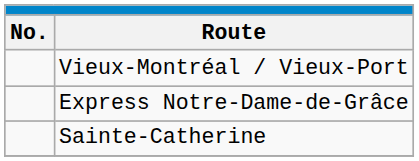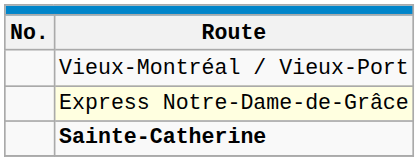 <table align=center class="wikitable">
 <tr>
 <th style="background: #0085CA; font-size:100%; color:#FFFFFF;"colspan="4"><a href='#'></a></th>
 </tr>
 <tr>
 <th>No.</th>
 <th>Route</th>
 </tr>
 <tr>
 <td></td>
 <td>Vieux-Montréal / Vieux-Port</td>
 </tr>
 <tr>
 <td></td>
-<td>Express Notre-Dame-de-Grâce</td>
+<td style="background: lightyellow;">Express Notre-Dame-de-Grâce</td>
 </tr>
 <tr>
 <td {{Avoid wrap> </td>
-<td>Sainte-Catherine</td>
+<td><strong>Sainte-Catherine</strong></td>
 </tr>
 <tr>
 </tr>
 </table>
